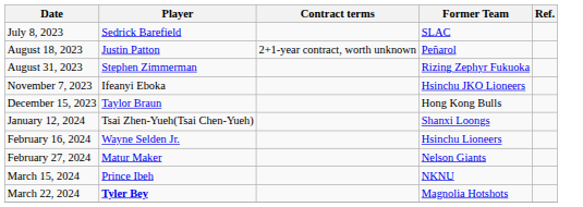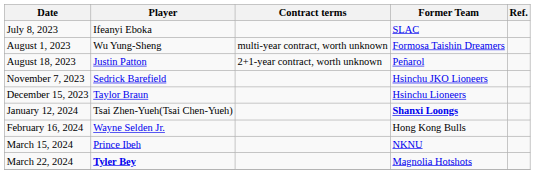 <table class="wikitable">
 <tr>
 <th>Date</th>
 <th>Player</th>
 <th>Contract terms</th>
 <th>Former Team</th>
 <th>Ref.</th>
 </tr>
 <tr>
 <td>July 8, 2023</td>
-<td><a href='#'>Sedrick Barefield</a></td>
+<td>Ifeanyi Eboka</td>
 <td></td>
 <td><a href='#'>SLAC</a></td>
+<td></td>
+</tr>
+<tr>
+<td>August 1, 2023</td>
+<td>Wu Yung-Sheng</td>
+<td>multi-year contract, worth unknown</td>
+<td><a href='#'>Formosa Taishin Dreamers</a></td>
 <td></td>
 </tr>
 <tr>
 <td>August 18, 2023</td>
 <td><a href='#'>Justin Patton</a></td>
 <td>2+1-year contract, worth unknown</td>
 <td><a href='#'>Peñarol</a></td>
 <td></td>
 </tr>
 <tr>
-<td>August 31, 2023</td>
-<td><a href='#'>Stephen Zimmerman</a></td>
-<td></td>
-<td><a href='#'>Rizing Zephyr Fukuoka</a></td>
-<td></td>
-</tr>
-<tr>
 <td>November 7, 2023</td>
-<td>Ifeanyi Eboka</td>
+<td><a href='#'>Sedrick Barefield</a></td>
 <td></td>
 <td><a href='#'>Hsinchu JKO Lioneers</a></td>
 <td></td>
 </tr>
 <tr>
 <td>December 15, 2023</td>
 <td><a href='#'>Taylor Braun</a></td>
 <td></td>
-<td>Hong Kong Bulls</td>
+<td><a href='#'>Hsinchu Lioneers</a></td>
 <td></td>
 </tr>
 <tr>
 <td>January 12, 2024</td>
 <td>Tsai Zhen-Yueh(Tsai Chen-Yueh)</td>
 <td></td>
-<td><a href='#'>Shanxi Loongs</a></td>
+<td><strong><a href='#'>Shanxi Loongs</a></strong></td>
 <td></td>
 </tr>
 <tr>
 <td>February 16, 2024</td>
 <td><a href='#'>Wayne Selden Jr.</a></td>
 <td></td>
-<td><a href='#'>Hsinchu Lioneers</a></td>
-<td></td>
-</tr>
-<tr>
-<td>February 27, 2024</td>
-<td><a href='#'>Matur Maker</a></td>
-<td></td>
-<td><a href='#'>Nelson Giants</a></td>
+<td>Hong Kong Bulls</td>
 <td></td>
 </tr>
 <tr>
 <td>March 15, 2024</td>
 <td><a href='#'>Prince Ibeh</a></td>
 <td></td>
 <td><a href='#'>NKNU</a></td>
 <td></td>
 </tr>
 <tr>
 <td>March 22, 2024</td>
 <td><strong><a href='#'>Tyler Bey</a></strong></td>
 <td></td>
 <td><a href='#'>Magnolia Hotshots</a></td>
 <td></td>
 </tr>
 <tr>
 </tr>
 </table>
